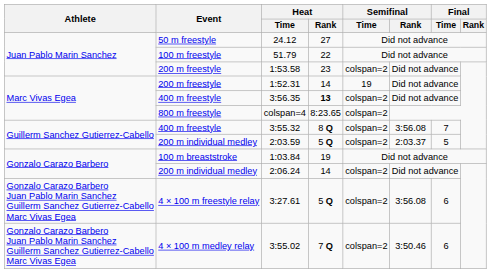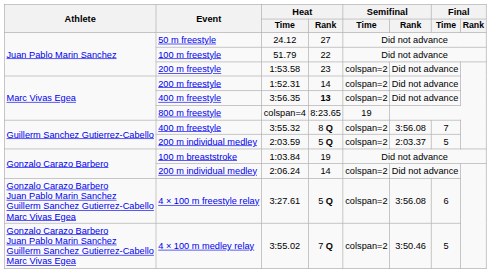 <table class=wikitable style="font-size:90%">
 <tr>
 <th rowspan=2>Athlete</th>
 <th rowspan=2>Event</th>
 <th colspan="2">Heat</th>
 <th colspan="2">Semifinal</th>
 <th colspan="2">Final</th>
 </tr>
 <tr style="font-size:95%">
 <th>Time</th>
 <th>Rank</th>
 <th>Time</th>
 <th>Rank</th>
 <th>Time</th>
 <th>Rank</th>
 </tr>
 <tr align=center>
 <td align=left rowspan=3><a href='#'>Juan Pablo Marin Sanchez</a></td>
 <td align=left><a href='#'>50 m freestyle</a></td>
 <td>24.12</td>
 <td>27</td>
 <td colspan=4>Did not advance</td>
 </tr>
 <tr align=center>
 <td align=left><a href='#'>100 m freestyle</a></td>
 <td>51.79</td>
 <td>22</td>
 <td colspan=4>Did not advance</td>
 </tr>
 <tr align=center>
 <td align=left><a href='#'>200 m freestyle</a></td>
 <td>1:53.58</td>
 <td>23</td>
 <td>colspan=2 </td>
 <td colspan=2>Did not advance</td>
 </tr>
 <tr align=center>
 <td align=left rowspan=3><a href='#'>Marc Vivas Egea</a></td>
 <td align=left><a href='#'>200 m freestyle</a></td>
 <td>1:52.31</td>
 <td>14</td>
-<td>19</td>
+<td>colspan=2 </td>
 <td colspan=2>Did not advance</td>
 </tr>
 <tr align=center>
 <td align=left><a href='#'>400 m freestyle</a></td>
 <td>3:56.35</td>
 <td><strong>13</strong></td>
 <td>colspan=2 </td>
 <td colspan=2>Did not advance</td>
 </tr>
 <tr align=center>
 <td align=left><a href='#'>800 m freestyle</a></td>
 <td>colspan=4 </td>
 <td>8:23.65</td>
-<td>colspan=2 </td>
+<td>19</td>
 </tr>
 <tr align=center>
 <td align=left rowspan=2><a href='#'>Guillerm Sanchez Gutierrez-Cabello</a></td>
 <td align=left><a href='#'>400 m freestyle</a></td>
 <td>3:55.32</td>
 <td>8 <strong>Q	</strong></td>
 <td>colspan=2 </td>
 <td>3:56.08</td>
 <td>7</td>
 </tr>
 <tr align=center>
 <td align=left><a href='#'>200 m individual medley</a></td>
 <td>2:03.59</td>
 <td>5 <strong>Q</strong></td>
 <td>colspan=2 </td>
 <td>2:03.37</td>
 <td>5</td>
 </tr>
 <tr align=center>
 <td align=left rowspan=2><a href='#'>Gonzalo Carazo Barbero</a></td>
 <td align=left><a href='#'>100 m breaststroke</a></td>
 <td>1:03.84</td>
 <td>19</td>
 <td colspan=4>Did not advance</td>
 </tr>
 <tr align=center>
 <td align=left><a href='#'>200 m individual medley</a></td>
 <td>2:06.24</td>
 <td>14</td>
 <td>colspan=2 </td>
 <td colspan=2>Did not advance</td>
 </tr>
 <tr align=center>
 <td align=left><a href='#'>Gonzalo Carazo Barbero</a><br><a href='#'>Juan Pablo Marin Sanchez</a><br><a href='#'>Guillerm Sanchez Gutierrez-Cabello</a><br><a href='#'>Marc Vivas Egea</a></td>
 <td align=left><a href='#'>4 × 100 m freestyle relay</a></td>
 <td>3:27.61</td>
 <td>5 <strong>Q</strong></td>
 <td>colspan=2 </td>
 <td>3:56.08</td>
 <td>6</td>
 </tr>
 <tr align=center>
 <td align=left><a href='#'>Gonzalo Carazo Barbero</a><br><a href='#'>Juan Pablo Marin Sanchez</a><br><a href='#'>Guillerm Sanchez Gutierrez-Cabello</a><br><a href='#'>Marc Vivas Egea</a></td>
 <td align=left><a href='#'>4 × 100 m medley relay</a></td>
 <td>3:55.02</td>
 <td>7 <strong>Q</strong></td>
 <td>colspan=2 </td>
 <td>3:50.46</td>
-<td>6</td>
+<td>5</td>
 </tr>
 </table>
